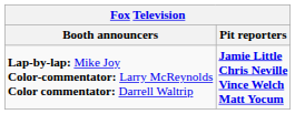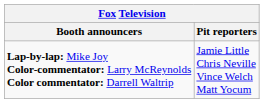 <table class="wikitable" style="font-size: 95%;">
 <tr>
 <th colspan="2"><a href='#'>Fox</a> <a href='#'>Television</a></th>
 </tr>
 <tr>
 <th>Booth announcers</th>
 <th>Pit reporters</th>
 </tr>
 <tr>
 <td><strong>Lap-by-lap:</strong> <a href='#'>Mike Joy</a><br><strong>Color-commentator:</strong> <a href='#'>Larry McReynolds</a><br><strong>Color commentator:</strong> <a href='#'>Darrell Waltrip</a></td>
-<td><strong><a href='#'>Jamie Little</a><br><a href='#'>Chris Neville</a><br><a href='#'>Vince Welch</a><br><a href='#'>Matt Yocum</a></strong></td>
+<td><a href='#'>Jamie Little</a><br><a href='#'>Chris Neville</a><br><a href='#'>Vince Welch</a><br><a href='#'>Matt Yocum</a></td>
 </tr>
 </table>
